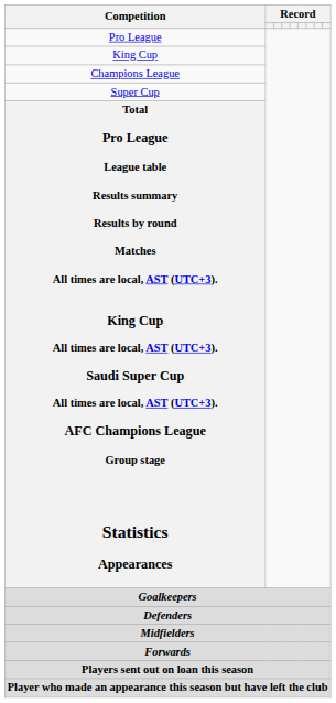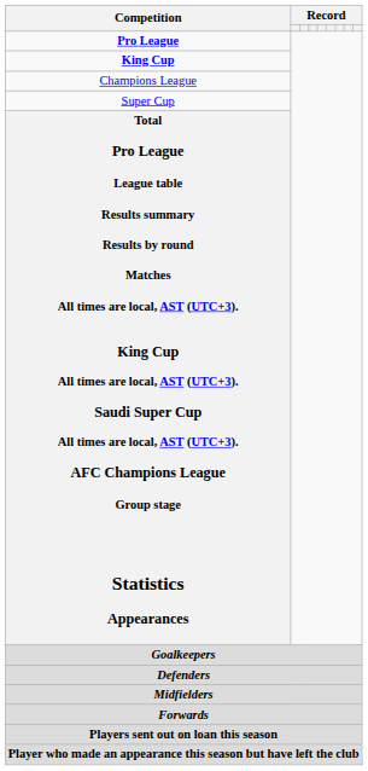 <table class="wikitable" style="text-align: center">
 <tr>
 <th rowspan=2>Competition</th>
 <th colspan=8>Record</th>
 </tr>
 <tr>
 <th></th>
 <th></th>
 <th></th>
 <th></th>
 <th></th>
 <th></th>
 <th></th>
 <th></th>
 </tr>
 <tr>
-<td><a href='#'>Pro League</a><br></td>
+<td><strong><a href='#'>Pro League</a><br></strong></td>
 </tr>
 <tr>
-<td><a href='#'>King Cup</a><br></td>
+<td><strong><a href='#'>King Cup</a><br></strong></td>
 </tr>
 <tr>
 <td><a href='#'>Champions League</a><br></td>
 </tr>
 <tr>
 <td><a href='#'>Super Cup</a><br></td>
 </tr>
 <tr>
 <th>Total<br> <h3>Pro League</h3><h4>League table</h4><h4>Results summary</h4> <h4>Results by round</h4><h4>Matches</h4>All times are local, <a href='#'>AST</a> (<a href='#'>UTC+3</a>).<br>   <br>                             <h3>King Cup</h3> All times are local, <a href='#'>AST</a> (<a href='#'>UTC+3</a>).<br><h3>Saudi Super Cup</h3> All times are local, <a href='#'>AST</a> (<a href='#'>UTC+3</a>).<br><h3>AFC Champions League</h3><h4>Group stage</h4><br><br>     <h2>Statistics</h2><h3>Appearances</h3></th>
 </tr>
 <tr>
 <th colspan=14 style=background:#dcdcdc; text-align:center><em>Goalkeepers</em><br>  </th>
 </tr>
 <tr>
 <th colspan=14 style=background:#dcdcdc; text-align:center><em>Defenders</em><br>        </th>
 </tr>
 <tr>
 <th colspan=14 style=background:#dcdcdc; text-align:center><em>Midfielders</em><br>           </th>
 </tr>
 <tr>
 <th colspan=14 style=background:#dcdcdc; text-align:center><em>Forwards</em><br>   </th>
 </tr>
 <tr>
 <th colspan=14 style=background:#dcdcdc; text-align:center>Players sent out on loan this season<br> </th>
 </tr>
 <tr>
 <th colspan=14 style=background:#dcdcdc; text-align:center>Player who made an appearance this season but have left the club<br>  </th>
 </tr>
 </table>
